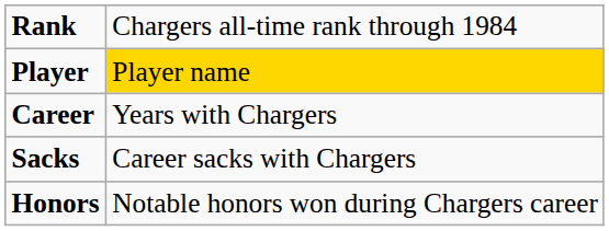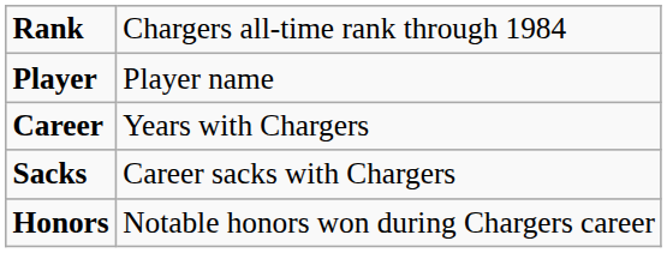 <table class="wikitable">
 <tr>
 <td><strong>Rank</strong></td>
 <td>Chargers all-time rank through 1984</td>
 </tr>
 <tr>
 <td><strong>Player</strong></td>
-<td style="background: gold;">Player name</td>
+<td>Player name</td>
 </tr>
 <tr>
 <td><strong>Career</strong></td>
 <td>Years with Chargers</td>
 </tr>
 <tr>
 <td><strong>Sacks</strong></td>
 <td>Career sacks with Chargers</td>
 </tr>
 <tr>
 <td><strong>Honors</strong></td>
 <td>Notable honors won during Chargers career</td>
 </tr>
 </table>
